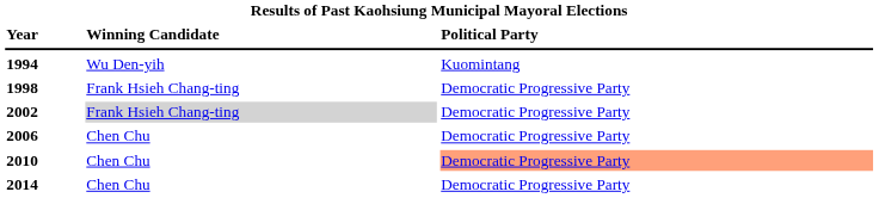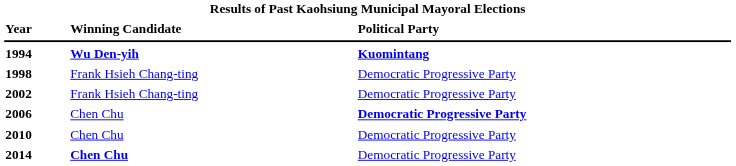 <table id="toc" style="margin:1em auto; width: 90%; font-size: 90%;" cellspacing="3">
 <tr>
 <td colspan="3" align="center"><strong>Results of Past Kaohsiung Municipal Mayoral Elections</strong></td>
 </tr>
 <tr>
 <td><strong>Year</strong></td>
 <td><strong> Winning Candidate</strong></td>
 <td><strong>Political Party</strong></td>
 </tr>
 <tr>
 <th bgcolor="#000000" colspan="8"></th>
 </tr>
 <tr>
 <td><strong>1994</strong></td>
-<td><a href='#'>Wu Den-yih</a></td>
-<td> <a href='#'>Kuomintang</a></td>
+<td><strong><a href='#'>Wu Den-yih</a></strong></td>
+<td><strong> <a href='#'>Kuomintang</a></strong></td>
 </tr>
 <tr>
 <td><strong>1998</strong></td>
 <td><a href='#'>Frank Hsieh Chang-ting</a></td>
 <td> <a href='#'>Democratic Progressive Party</a></td>
 </tr>
 <tr>
 <td><strong>2002</strong></td>
-<td style="background: lightgrey;"><a href='#'>Frank Hsieh Chang-ting</a></td>
+<td><a href='#'>Frank Hsieh Chang-ting</a></td>
 <td> <a href='#'>Democratic Progressive Party</a></td>
 </tr>
 <tr>
 <td><strong>2006</strong></td>
 <td><a href='#'>Chen Chu</a></td>
-<td> <a href='#'>Democratic Progressive Party</a></td>
+<td><strong> <a href='#'>Democratic Progressive Party</a></strong></td>
 </tr>
 <tr>
 <td><strong>2010</strong></td>
 <td><a href='#'>Chen Chu</a></td>
-<td style="background: lightsalmon;"> <a href='#'>Democratic Progressive Party</a></td>
+<td> <a href='#'>Democratic Progressive Party</a></td>
 </tr>
 <tr>
 <td><strong>2014</strong></td>
-<td><a href='#'>Chen Chu</a></td>
+<td><strong><a href='#'>Chen Chu</a></strong></td>
 <td> <a href='#'>Democratic Progressive Party</a></td>
 </tr>
 </table>
